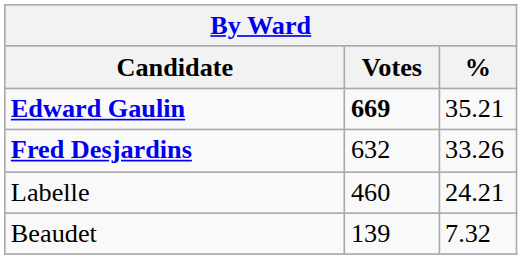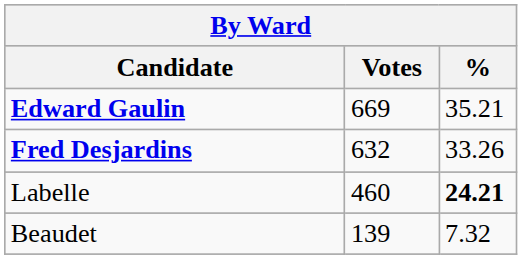 <table class="wikitable">
 <tr>
 <th colspan="3"><a href='#'>By Ward</a></th>
 </tr>
 <tr>
 <th style="width: 200px">Candidate</th>
 <th style="width: 50px">Votes</th>
 <th style="width: 40px">%</th>
 </tr>
 <tr>
 <td><strong><a href='#'>Edward Gaulin</a></strong></td>
-<td><strong>669</strong></td>
+<td>669</td>
 <td>35.21</td>
 </tr>
 <tr>
 <td><strong><a href='#'>Fred Desjardins</a></strong></td>
 <td>632</td>
 <td>33.26</td>
 </tr>
 <tr>
 <td>Labelle</td>
 <td>460</td>
-<td>24.21</td>
+<td><strong>24.21</strong></td>
 </tr>
 <tr>
 <td>Beaudet</td>
 <td>139</td>
 <td>7.32</td>
 </tr>
 </table>
